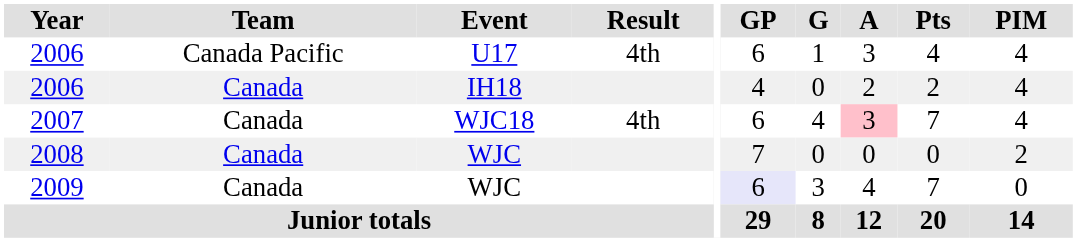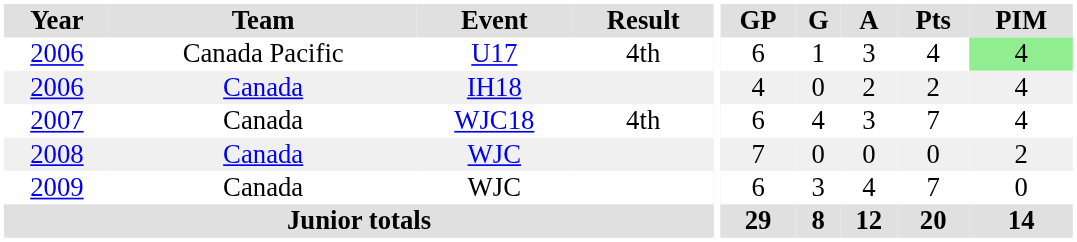 <table border="0" cellpadding="1" cellspacing="0" ID="Table3" style="text-align:center; width:40em;">
 <tr bgcolor="#e0e0e0">
 <th>Year</th>
 <th>Team</th>
 <th>Event</th>
 <th>Result</th>
 <th rowspan="99" bgcolor="#ffffff"></th>
 <th>GP</th>
 <th>G</th>
 <th>A</th>
 <th>Pts</th>
 <th>PIM</th>
 </tr>
 <tr>
 <td><a href='#'>2006</a></td>
 <td>Canada Pacific</td>
 <td><a href='#'>U17</a></td>
 <td>4th</td>
 <td>6</td>
 <td>1</td>
 <td>3</td>
 <td>4</td>
-<td>4</td>
+<td style="background: lightgreen;">4</td>
 </tr>
 <tr bgcolor="#f0f0f0">
 <td><a href='#'>2006</a></td>
 <td><a href='#'>Canada</a></td>
 <td><a href='#'>IH18</a></td>
 <td></td>
 <td>4</td>
 <td>0</td>
 <td>2</td>
 <td>2</td>
 <td>4</td>
 </tr>
 <tr>
 <td><a href='#'>2007</a></td>
 <td>Canada</td>
 <td><a href='#'>WJC18</a></td>
 <td>4th</td>
 <td>6</td>
 <td>4</td>
-<td style="background: pink;">3</td>
+<td>3</td>
 <td>7</td>
 <td>4</td>
 </tr>
 <tr bgcolor="#f0f0f0">
 <td><a href='#'>2008</a></td>
 <td><a href='#'>Canada</a></td>
 <td><a href='#'>WJC</a></td>
 <td></td>
 <td>7</td>
 <td>0</td>
 <td>0</td>
 <td>0</td>
 <td>2</td>
 </tr>
 <tr>
 <td><a href='#'>2009</a></td>
 <td>Canada</td>
 <td>WJC</td>
 <td></td>
-<td style="background: lavender;">6</td>
+<td>6</td>
 <td>3</td>
 <td>4</td>
 <td>7</td>
 <td>0</td>
 </tr>
 <tr bgcolor="#e0e0e0">
 <th colspan="4">Junior totals</th>
 <th>29</th>
 <th>8</th>
 <th>12</th>
 <th>20</th>
 <th>14</th>
 </tr>
 </table>
